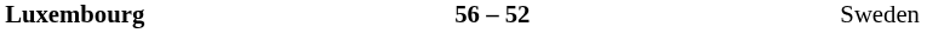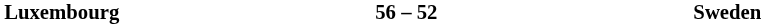 <table width=75% cellspacing=1>
 <tr>
 <th width=25%></th>
 <th width=25%></th>
 <th width=25%></th>
 </tr>
 <tr style=font-size:90%>
 <td align=right><strong>Luxembourg</strong></td>
 <td align=center><strong>56 – 52</strong></td>
-<td>Sweden</td>
+<td><strong>Sweden</strong></td>
 </tr>
 </table>
